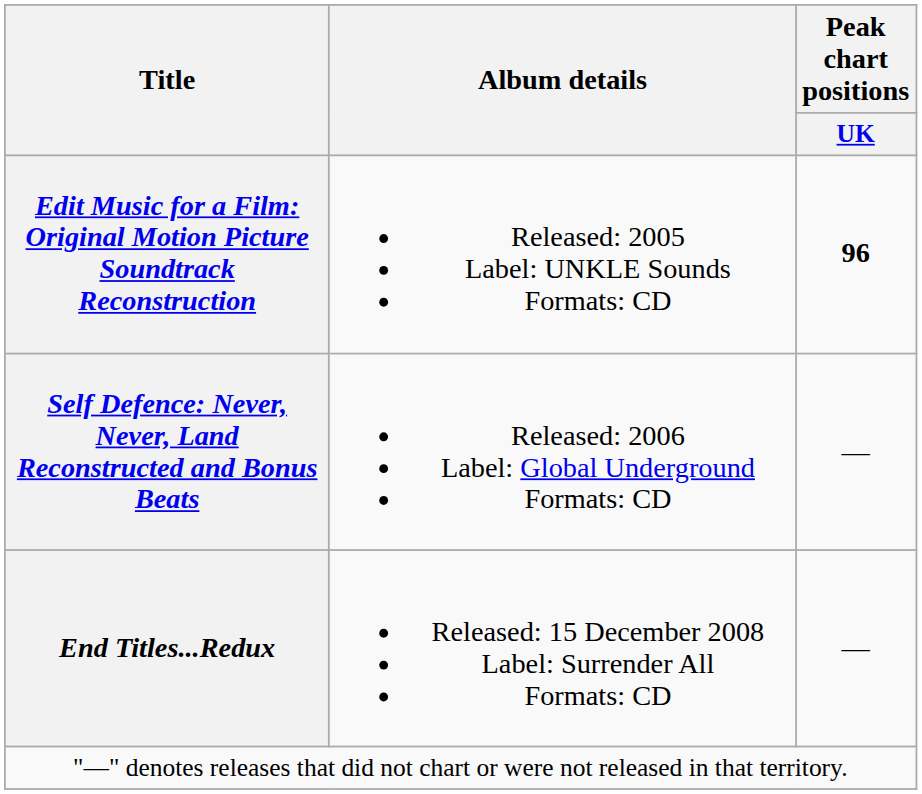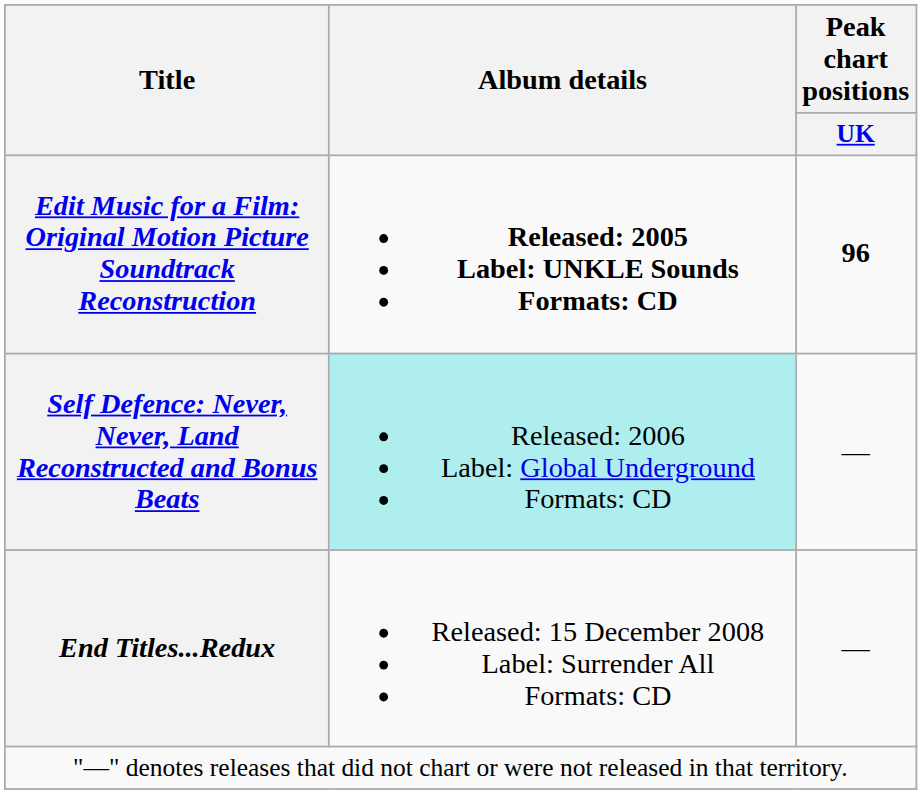 <table class="wikitable plainrowheaders" style="text-align:center;" border="1">
 <tr>
 <th scope="col" rowspan="2" style="width:11em;">Title</th>
 <th scope="col" rowspan="2" style="width:16em;">Album details</th>
 <th scope="col" colspan="1">Peak chart positions</th>
 </tr>
 <tr>
 <th scope="col" style="width:3em;font-size:90%;"><a href='#'>UK</a><br></th>
 </tr>
 <tr>
 <th scope="row"><em><a href='#'>Edit Music for a Film: Original Motion Picture Soundtrack Reconstruction</a></em></th>
-<td><br><ul><li>Released: 2005</li><li>Label: UNKLE Sounds</li><li>Formats: CD</li></ul></td>
+<td><strong><br><ul><li>Released: 2005</li><li>Label: UNKLE Sounds</li><li>Formats: CD</li></ul></strong></td>
 <td><strong>96</strong></td>
 </tr>
 <tr>
 <th scope="row"><em><a href='#'>Self Defence: Never, Never, Land Reconstructed and Bonus Beats</a></em></th>
-<td><br><ul><li>Released: 2006</li><li>Label: <a href='#'>Global Underground</a></li><li>Formats: CD</li></ul></td>
+<td style="background: paleturquoise;"><br><ul><li>Released: 2006</li><li>Label: <a href='#'>Global Underground</a></li><li>Formats: CD</li></ul></td>
 <td>—</td>
 </tr>
 <tr>
 <th scope="row"><em>End Titles...Redux</em></th>
 <td><br><ul><li>Released: 15 December 2008</li><li>Label: Surrender All</li><li>Formats: CD</li></ul></td>
 <td>—</td>
 </tr>
 <tr>
 <td colspan="3" style="font-size:90%">"—" denotes releases that did not chart or were not released in that territory.</td>
 </tr>
 </table>
